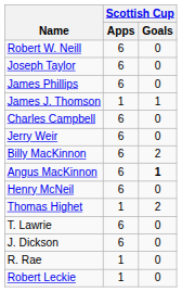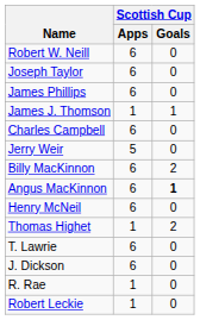 <table class="wikitable" style="text-align:center">
 <tr>
 <th rowspan="2" valign="bottom">Name</th>
 <th colspan="2"><a href='#'>Scottish Cup</a></th>
 </tr>
 <tr>
 <th>Apps</th>
 <th>Goals</th>
 </tr>
 <tr>
 <td align="left"><a href='#'>Robert W. Neill</a></td>
 <td>6</td>
 <td>0</td>
 </tr>
 <tr>
 <td align="left"><a href='#'>Joseph Taylor</a></td>
 <td>6</td>
 <td>0</td>
 </tr>
 <tr>
 <td align="left"><a href='#'>James Phillips</a></td>
 <td>6</td>
 <td>0</td>
 </tr>
 <tr>
 <td align="left"><a href='#'>James J. Thomson</a></td>
 <td>1</td>
 <td>1</td>
 </tr>
 <tr>
 <td align="left"><a href='#'>Charles Campbell</a></td>
 <td>6</td>
 <td>0</td>
 </tr>
 <tr>
 <td align="left"><a href='#'>Jerry Weir</a></td>
-<td>6</td>
+<td>5</td>
 <td>0</td>
 </tr>
 <tr>
 <td align="left"><a href='#'>Billy MacKinnon</a></td>
 <td>6</td>
 <td>2</td>
 </tr>
 <tr>
 <td align="left"><a href='#'>Angus MacKinnon</a></td>
 <td>6</td>
 <td><strong>1</strong></td>
 </tr>
 <tr>
 <td align="left"><a href='#'>Henry McNeil</a></td>
 <td>6</td>
 <td>0</td>
 </tr>
 <tr>
 <td align="left"><a href='#'>Thomas Highet</a></td>
 <td>1</td>
 <td>2</td>
 </tr>
 <tr>
 <td align="left">T. Lawrie</td>
 <td>6</td>
 <td>0</td>
 </tr>
 <tr>
 <td align="left">J. Dickson</td>
 <td>6</td>
 <td>0</td>
 </tr>
 <tr>
 <td align="left">R. Rae</td>
 <td>1</td>
 <td>0</td>
 </tr>
 <tr>
 <td align="left"><a href='#'>Robert Leckie</a></td>
 <td>1</td>
 <td>0</td>
 </tr>
 </table>
